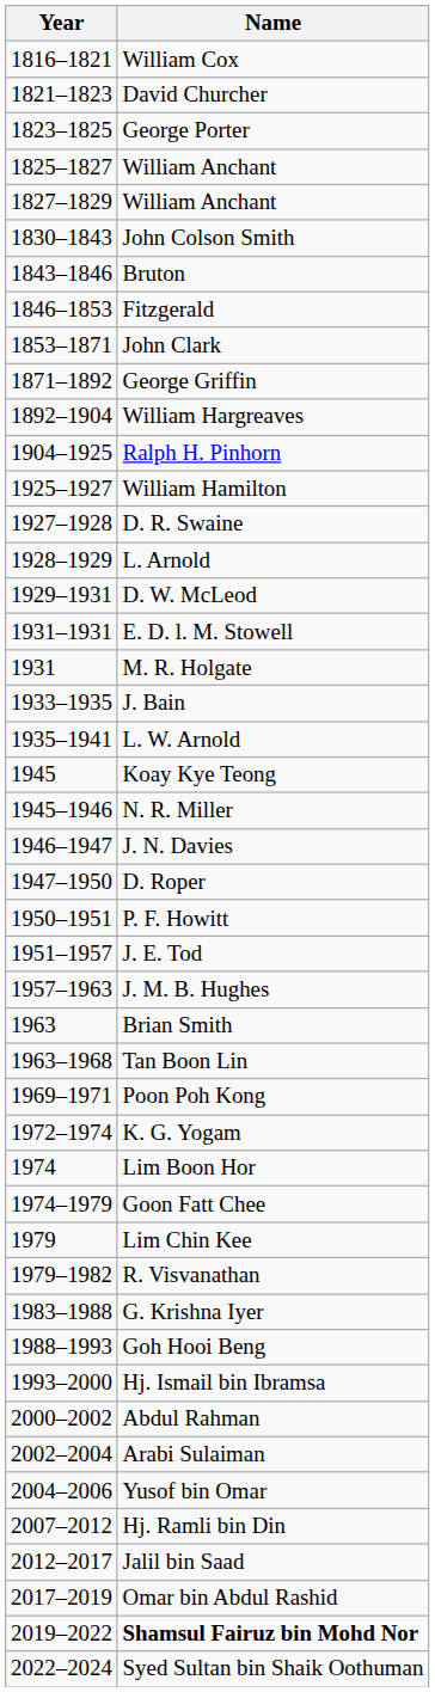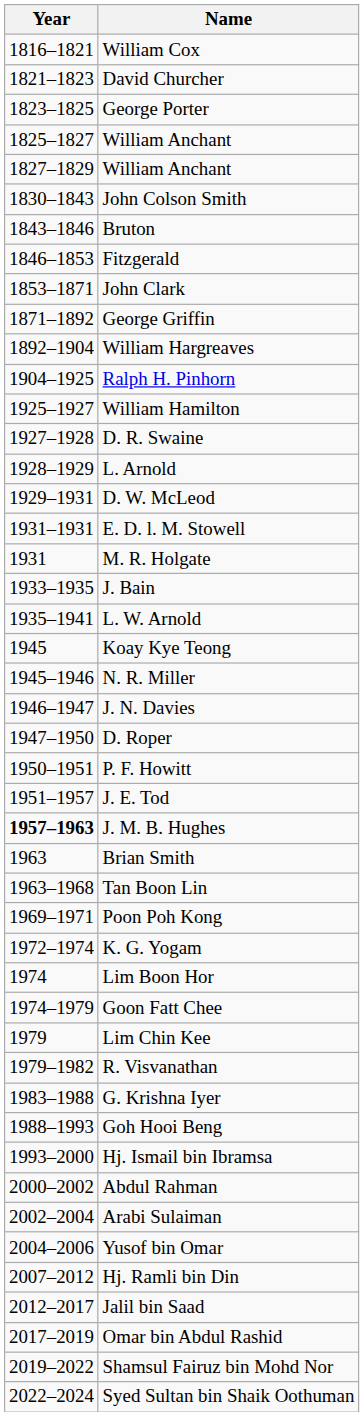 <table class="wikitable sortable">
 <tr>
 <th>Year</th>
 <th>Name</th>
 </tr>
 <tr>
 <td>1816–1821</td>
 <td>William Cox</td>
 </tr>
 <tr>
 <td>1821–1823</td>
 <td>David Churcher</td>
 </tr>
 <tr>
 <td>1823–1825</td>
 <td>George Porter</td>
 </tr>
 <tr>
 <td>1825–1827</td>
 <td>William Anchant</td>
 </tr>
 <tr>
 <td>1827–1829</td>
 <td>William Anchant</td>
 </tr>
 <tr>
 <td>1830–1843</td>
 <td>John Colson Smith</td>
 </tr>
 <tr>
 <td>1843–1846</td>
 <td>Bruton</td>
 </tr>
 <tr>
 <td>1846–1853</td>
 <td>Fitzgerald</td>
 </tr>
 <tr>
 <td>1853–1871</td>
 <td>John Clark</td>
 </tr>
 <tr>
 <td>1871–1892</td>
 <td>George Griffin</td>
 </tr>
 <tr>
 <td>1892–1904</td>
 <td>William Hargreaves</td>
 </tr>
 <tr>
 <td>1904–1925</td>
 <td><a href='#'>Ralph H. Pinhorn</a></td>
 </tr>
 <tr>
 <td>1925–1927</td>
 <td>William Hamilton</td>
 </tr>
 <tr>
 <td>1927–1928</td>
 <td>D. R. Swaine</td>
 </tr>
 <tr>
 <td>1928–1929</td>
 <td>L. Arnold</td>
 </tr>
 <tr>
 <td>1929–1931</td>
 <td>D. W. McLeod</td>
 </tr>
 <tr>
 <td>1931–1931</td>
 <td>E. D. l. M. Stowell</td>
 </tr>
 <tr>
 <td>1931</td>
 <td>M. R. Holgate</td>
 </tr>
 <tr>
 <td>1933–1935</td>
 <td>J. Bain</td>
 </tr>
 <tr>
 <td>1935–1941</td>
 <td>L. W. Arnold</td>
 </tr>
 <tr>
 <td>1945</td>
 <td>Koay Kye Teong</td>
 </tr>
 <tr>
 <td>1945–1946</td>
 <td>N. R. Miller</td>
 </tr>
 <tr>
 <td>1946–1947</td>
 <td>J. N. Davies</td>
 </tr>
 <tr>
 <td>1947–1950</td>
 <td>D. Roper</td>
 </tr>
 <tr>
 <td>1950–1951</td>
 <td>P. F. Howitt</td>
 </tr>
 <tr>
 <td>1951–1957</td>
 <td>J. E. Tod</td>
 </tr>
 <tr>
-<td>1957–1963</td>
+<td><strong>1957–1963</strong></td>
 <td>J. M. B. Hughes</td>
 </tr>
 <tr>
 <td>1963</td>
 <td>Brian Smith</td>
 </tr>
 <tr>
 <td>1963–1968</td>
 <td>Tan Boon Lin</td>
 </tr>
 <tr>
 <td>1969–1971</td>
 <td>Poon Poh Kong</td>
 </tr>
 <tr>
 <td>1972–1974</td>
 <td>K. G. Yogam</td>
 </tr>
 <tr>
 <td>1974</td>
 <td>Lim Boon Hor</td>
 </tr>
 <tr>
 <td>1974–1979</td>
 <td>Goon Fatt Chee</td>
 </tr>
 <tr>
 <td>1979</td>
 <td>Lim Chin Kee</td>
 </tr>
 <tr>
 <td>1979–1982</td>
 <td>R. Visvanathan</td>
 </tr>
 <tr>
 <td>1983–1988</td>
 <td>G. Krishna Iyer</td>
 </tr>
 <tr>
 <td>1988–1993</td>
 <td>Goh Hooi Beng</td>
 </tr>
 <tr>
 <td>1993–2000</td>
 <td>Hj. Ismail bin Ibramsa</td>
 </tr>
 <tr>
 <td>2000–2002</td>
 <td>Abdul Rahman</td>
 </tr>
 <tr>
 <td>2002–2004</td>
 <td>Arabi Sulaiman</td>
 </tr>
 <tr>
 <td>2004–2006</td>
 <td>Yusof bin Omar</td>
 </tr>
 <tr>
 <td>2007–2012</td>
 <td>Hj. Ramli bin Din</td>
 </tr>
 <tr>
 <td>2012–2017</td>
 <td>Jalil bin Saad</td>
 </tr>
 <tr>
 <td>2017–2019</td>
 <td>Omar bin Abdul Rashid</td>
 </tr>
 <tr>
 <td>2019–2022</td>
-<td><strong>Shamsul Fairuz bin Mohd Nor</strong></td>
+<td>Shamsul Fairuz bin Mohd Nor</td>
 </tr>
 <tr>
 <td>2022–2024</td>
 <td>Syed Sultan bin Shaik Oothuman</td>
 </tr>
 <tr>
 </tr>
 </table>
